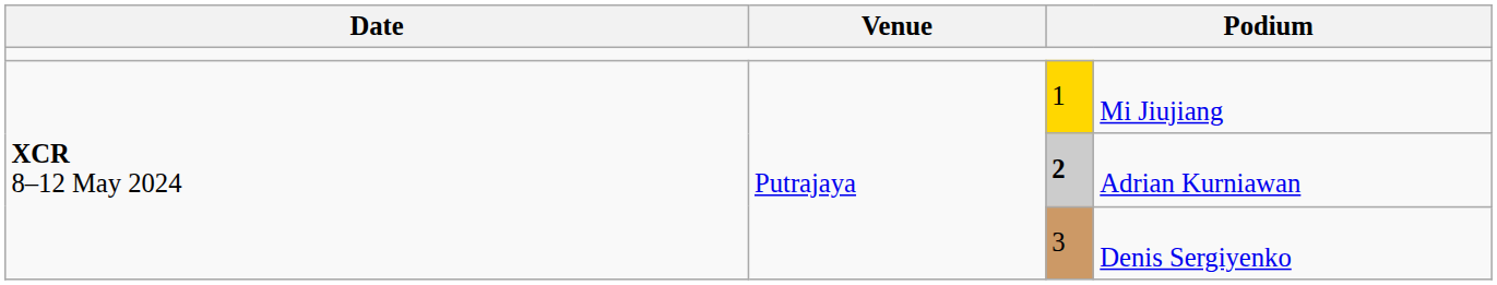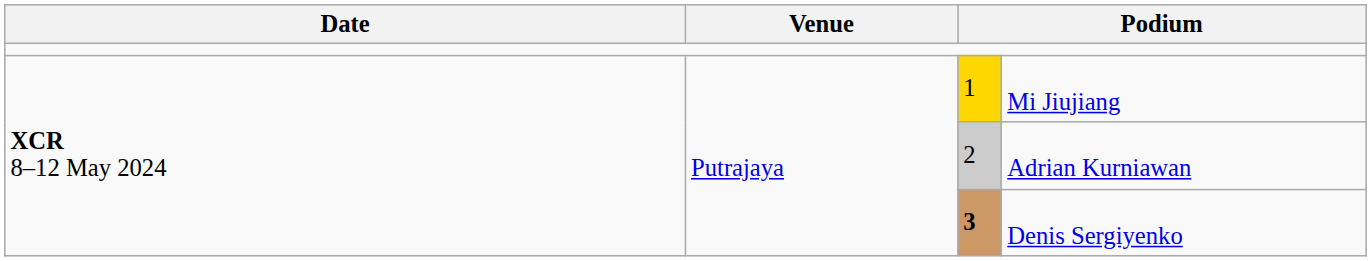 <table class="wikitable" width=70%>
 <tr>
 <th>Date</th>
 <th width=20%>Venue</th>
 <th colspan=2 width=30%>Podium</th>
 </tr>
 <tr>
 <td colspan=6></td>
 </tr>
 <tr>
 <td rowspan=3><strong>XCR</strong> <br> 8–12 May 2024</td>
 <td rowspan=3><br><a href='#'>Putrajaya</a></td>
 <td bgcolor=FFD700>1</td>
 <td><br><a href='#'>Mi Jiujiang</a></td>
 </tr>
 <tr>
-<td bgcolor=CCCCCC><strong>2</strong></td>
+<td bgcolor=CCCCCC>2</td>
 <td><br><a href='#'>Adrian Kurniawan</a></td>
 </tr>
 <tr>
-<td bgcolor=CC9966>3</td>
+<td bgcolor=CC9966><strong>3</strong></td>
 <td><br><a href='#'>Denis Sergiyenko</a></td>
 </tr>
 </table>
